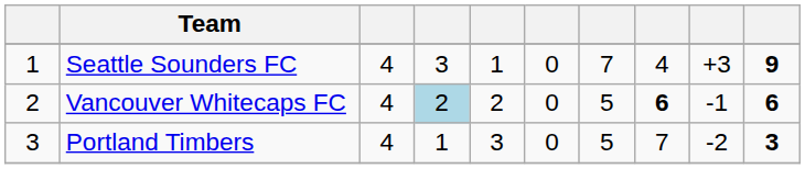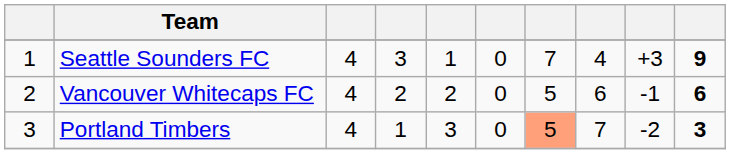 <table class="wikitable" style="text-align: center;">
 <tr>
 <th width="28"></th>
 <th width="185">Team</th>
 <th width="28"></th>
 <th width="28"></th>
 <th width="28"></th>
 <th width="28"></th>
 <th width="28"></th>
 <th width="28"></th>
 <th width="28"></th>
 <th width="28"></th>
 </tr>
 <tr style="background-color:#">
 </tr>
 <tr>
 </tr>
 <tr>
 <td>1</td>
 <td style="text-align:left;"><a href='#'>Seattle Sounders FC</a></td>
 <td>4</td>
 <td>3</td>
 <td>1</td>
 <td>0</td>
 <td>7</td>
 <td>4</td>
 <td>+3</td>
 <td><strong>9</strong></td>
 </tr>
 <tr>
 <td>2</td>
 <td style="text-align:left;"><a href='#'>Vancouver Whitecaps FC</a></td>
 <td>4</td>
-<td style="background: lightblue;">2</td>
+<td>2</td>
 <td>2</td>
 <td>0</td>
 <td>5</td>
-<td><strong>6</strong></td>
+<td>6</td>
 <td>-1</td>
 <td><strong>6</strong></td>
 </tr>
 <tr>
 <td>3</td>
 <td style="text-align:left;"><a href='#'>Portland Timbers</a></td>
 <td>4</td>
 <td>1</td>
 <td>3</td>
 <td>0</td>
-<td>5</td>
+<td style="background: lightsalmon;">5</td>
 <td>7</td>
 <td>-2</td>
 <td><strong>3</strong></td>
 </tr>
 <tr>
 </tr>
 </table>
